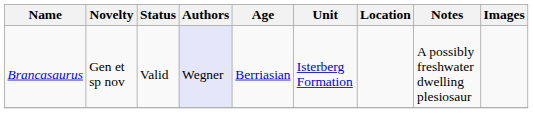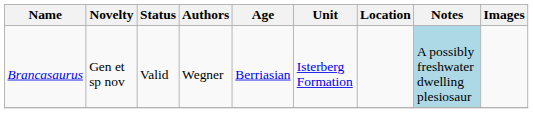 <table class="wikitable sortable" align="center" width="100%">
 <tr>
 <th>Name</th>
 <th>Novelty</th>
 <th>Status</th>
 <th>Authors</th>
 <th>Age</th>
 <th>Unit</th>
 <th>Location</th>
 <th>Notes</th>
 <th>Images</th>
 </tr>
 <tr>
 <td><br><em><a href='#'>Brancasaurus</a></em></td>
 <td><br>Gen et sp nov</td>
 <td><br>Valid</td>
-<td style="background: lavender;"><br>Wegner</td>
+<td><br>Wegner</td>
 <td><br><a href='#'>Berriasian</a></td>
 <td><br><a href='#'>Isterberg Formation</a></td>
 <td><br></td>
-<td><br>A possibly freshwater dwelling plesiosaur</td>
+<td style="background: lightblue;"><br>A possibly freshwater dwelling plesiosaur</td>
 <td><br></td>
 </tr>
 <tr>
 </tr>
 </table>
